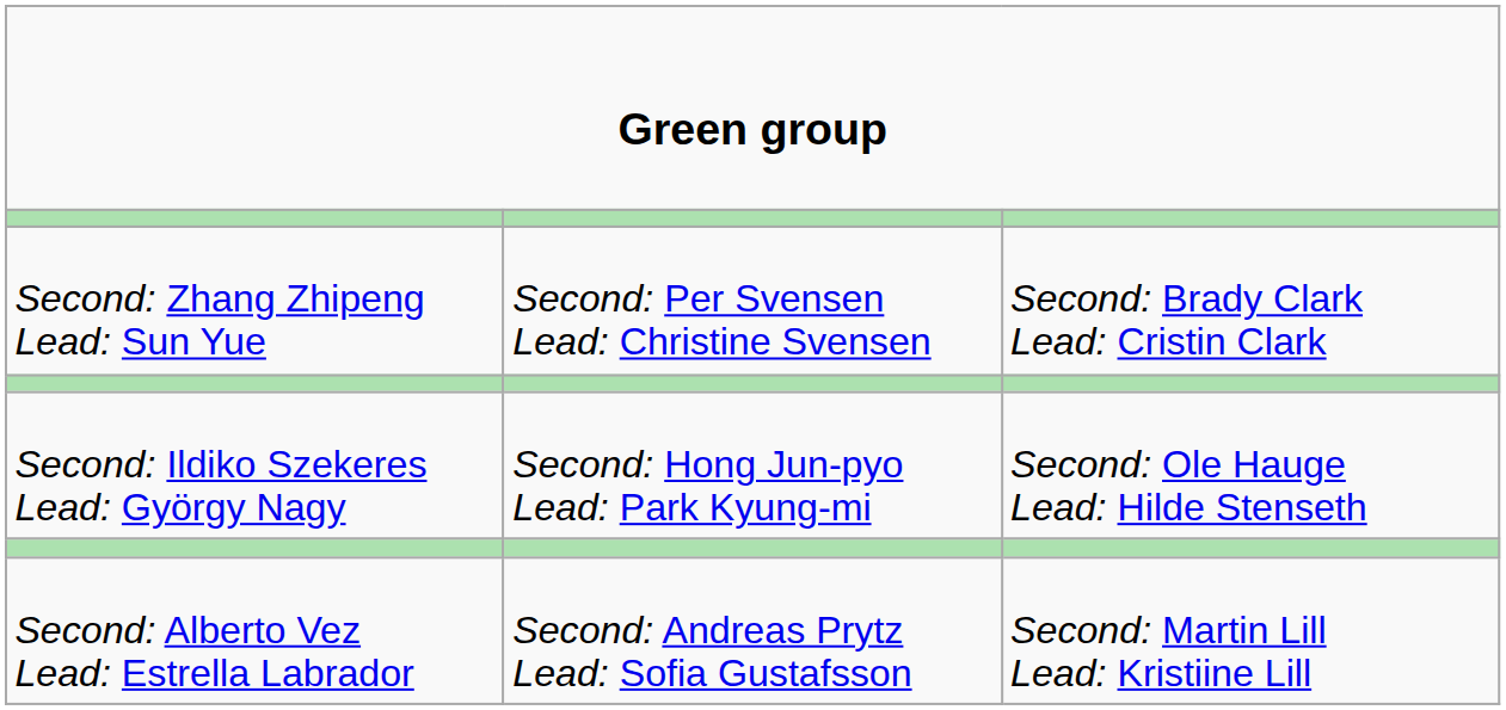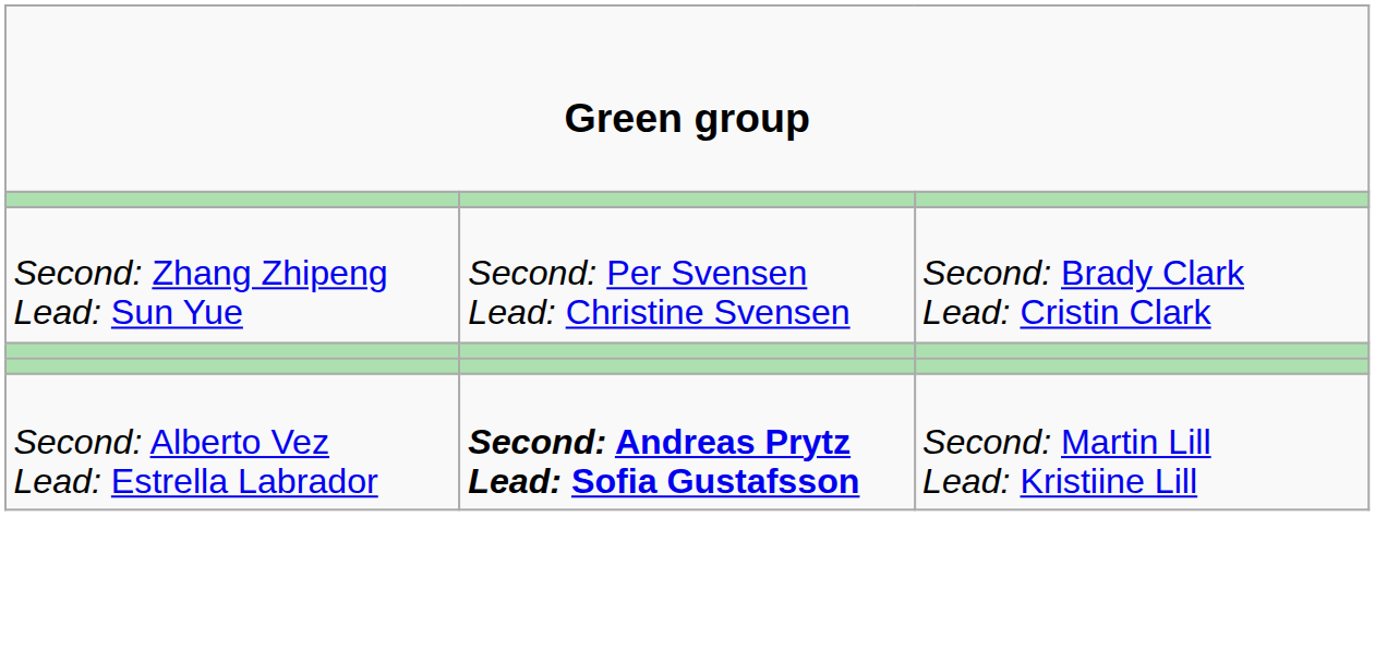 <table class="wikitable">
 <tr>
 <td align=center colspan="3"><br><h3>Green group</h3></td>
 </tr>
 <tr>
 <th style="background: #ACE1AF;" width="200"></th>
 <th style="background: #ACE1AF;" width="200"></th>
 <th style="background: #ACE1AF;" width="200"></th>
 </tr>
 <tr>
 <td><br><em>Second:</em> <a href='#'>Zhang Zhipeng</a><br> <em>Lead:</em> <a href='#'>Sun Yue</a></td>
 <td><br><em>Second:</em> <a href='#'>Per Svensen</a><br> <em>Lead:</em> <a href='#'>Christine Svensen</a></td>
 <td><br><em>Second:</em> <a href='#'>Brady Clark</a><br> <em>Lead:</em> <a href='#'>Cristin Clark</a></td>
 </tr>
 <tr>
 <th style="background: #ACE1AF;" width="200"></th>
 <th style="background: #ACE1AF;" width="200"></th>
 <th style="background: #ACE1AF;" width="200"></th>
 </tr>
 <tr>
-<td><br><em>Second:</em> <a href='#'>Ildiko Szekeres</a><br> <em>Lead:</em> <a href='#'>György Nagy</a></td>
-<td><br><em>Second:</em> <a href='#'>Hong Jun-pyo</a><br> <em>Lead:</em> <a href='#'>Park Kyung-mi</a></td>
-<td><br><em>Second:</em> <a href='#'>Ole Hauge</a><br> <em>Lead:</em> <a href='#'>Hilde Stenseth</a></td>
-</tr>
-<tr>
 <th style="background: #ACE1AF;" width="200"></th>
 <th style="background: #ACE1AF;" width="200"></th>
 <th style="background: #ACE1AF;" width="200"></th>
 </tr>
 <tr>
 <td><br><em>Second:</em> <a href='#'>Alberto Vez</a><br> <em>Lead:</em> <a href='#'>Estrella Labrador</a></td>
-<td><br><em>Second:</em> <a href='#'>Andreas Prytz</a><br> <em>Lead:</em> <a href='#'>Sofia Gustafsson</a></td>
+<td><strong><br><em>Second:</em> <a href='#'>Andreas Prytz</a><br> <em>Lead:</em> <a href='#'>Sofia Gustafsson</a></strong></td>
 <td><br><em>Second:</em> <a href='#'>Martin Lill</a><br> <em>Lead:</em> <a href='#'>Kristiine Lill</a></td>
 </tr>
 </table>
